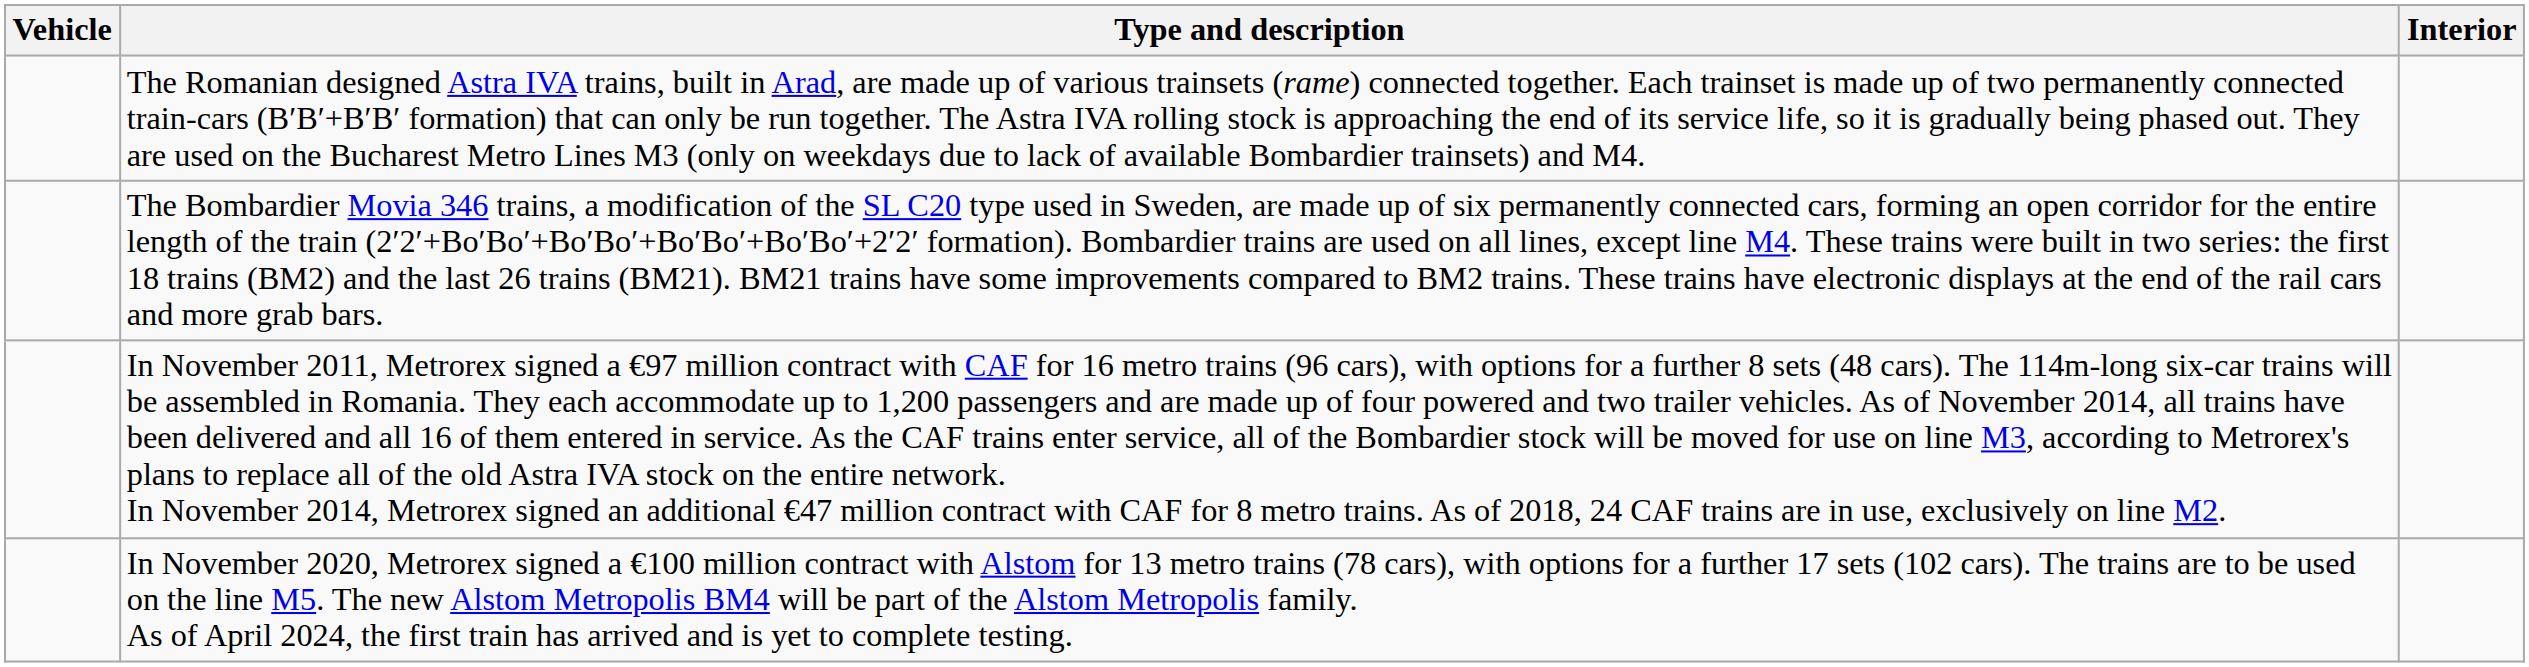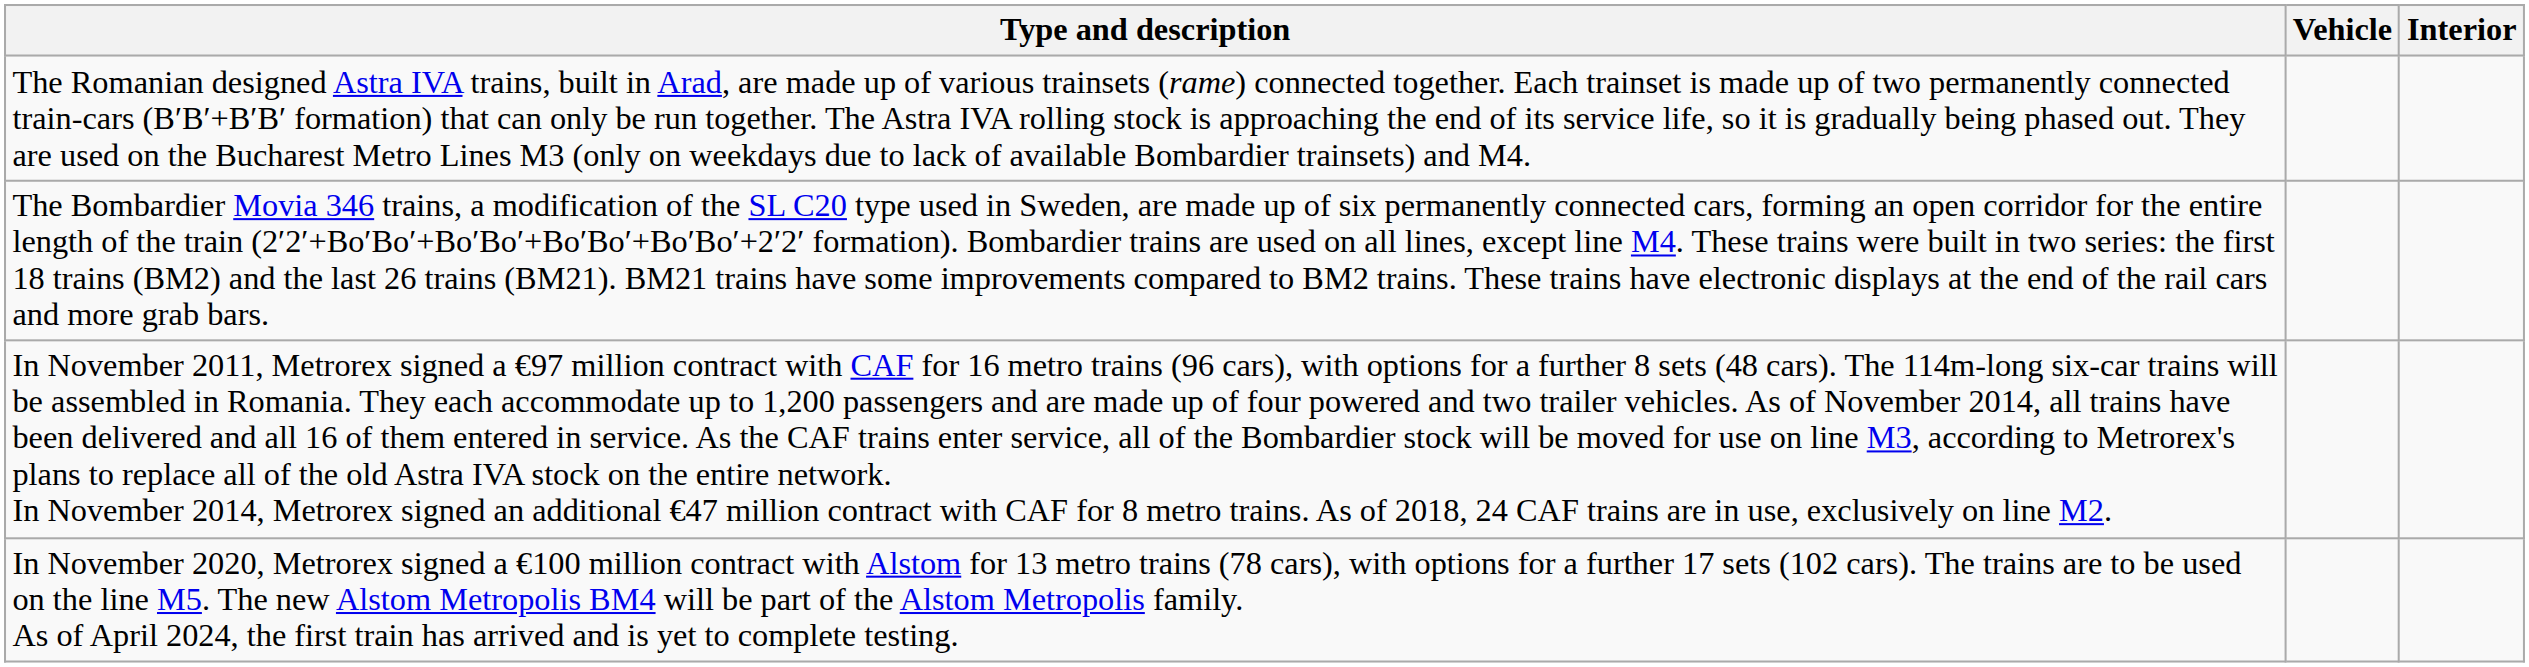 <table class="wikitable">
 <tr>
+<th>Type and description</th>
 <th>Vehicle</th>
-<th>Type and description</th>
 <th>Interior</th>
 </tr>
 <tr>
+<td style="vertical-align: top;">The Romanian designed <a href='#'>Astra IVA</a> trains, built in <a href='#'>Arad</a>, are made up of various trainsets (<em>rame</em>) connected together. Each trainset is made up of two permanently connected train-cars (B′B′+B′B′ formation) that can only be run together. The Astra IVA rolling stock is approaching the end of its service life, so it is gradually being phased out. They are used on the Bucharest Metro Lines M3 (only on weekdays due to lack of available Bombardier trainsets) and M4.</td>
 <td></td>
-<td style="vertical-align: top;">The Romanian designed <a href='#'>Astra IVA</a> trains, built in <a href='#'>Arad</a>, are made up of various trainsets (<em>rame</em>) connected together. Each trainset is made up of two permanently connected train-cars (B′B′+B′B′ formation) that can only be run together. The Astra IVA rolling stock is approaching the end of its service life, so it is gradually being phased out. They are used on the Bucharest Metro Lines M3 (only on weekdays due to lack of available Bombardier trainsets) and M4.</td>
 <td></td>
 </tr>
 <tr>
+<td style="vertical-align: top;">The Bombardier <a href='#'>Movia 346</a> trains, a modification of the <a href='#'>SL C20</a> type used in Sweden, are made up of six permanently connected cars, forming an open corridor for the entire length of the train (2′2′+Bo′Bo′+Bo′Bo′+Bo′Bo′+Bo′Bo′+2′2′ formation). Bombardier trains are used on all lines, except line <a href='#'>M4</a>. These trains were built in two series: the first 18 trains (BM2) and the last 26 trains (BM21). BM21 trains have some improvements compared to BM2 trains. These trains have electronic displays at the end of the rail cars and more grab bars.</td>
 <td></td>
-<td style="vertical-align: top;">The Bombardier <a href='#'>Movia 346</a> trains, a modification of the <a href='#'>SL C20</a> type used in Sweden, are made up of six permanently connected cars, forming an open corridor for the entire length of the train (2′2′+Bo′Bo′+Bo′Bo′+Bo′Bo′+Bo′Bo′+2′2′ formation). Bombardier trains are used on all lines, except line <a href='#'>M4</a>. These trains were built in two series: the first 18 trains (BM2) and the last 26 trains (BM21). BM21 trains have some improvements compared to BM2 trains. These trains have electronic displays at the end of the rail cars and more grab bars.</td>
 <td></td>
 </tr>
 <tr>
+<td style="vertical-align: top;">In November 2011, Metrorex signed a €97 million contract with <a href='#'>CAF</a> for 16 metro trains (96 cars), with options for a further 8 sets (48 cars). The 114m-long six-car trains will be assembled in Romania. They each accommodate up to 1,200 passengers and are made up of four powered and two trailer vehicles. As of November 2014, all trains have been delivered and all 16 of them entered in service. As the CAF trains enter service, all of the Bombardier stock will be moved for use on line <a href='#'>M3</a>, according to Metrorex's plans to replace all of the old Astra IVA stock on the entire network.<br>In November 2014, Metrorex signed an additional €47 million contract with CAF for 8 metro trains. As of 2018, 24 CAF trains are in use, exclusively on line <a href='#'>M2</a>.</td>
 <td></td>
-<td style="vertical-align: top;">In November 2011, Metrorex signed a €97 million contract with <a href='#'>CAF</a> for 16 metro trains (96 cars), with options for a further 8 sets (48 cars). The 114m-long six-car trains will be assembled in Romania. They each accommodate up to 1,200 passengers and are made up of four powered and two trailer vehicles. As of November 2014, all trains have been delivered and all 16 of them entered in service. As the CAF trains enter service, all of the Bombardier stock will be moved for use on line <a href='#'>M3</a>, according to Metrorex's plans to replace all of the old Astra IVA stock on the entire network.<br>In November 2014, Metrorex signed an additional €47 million contract with CAF for 8 metro trains. As of 2018, 24 CAF trains are in use, exclusively on line <a href='#'>M2</a>.</td>
 <td></td>
 </tr>
 <tr>
+<td>In November 2020, Metrorex signed a €100 million contract with <a href='#'>Alstom</a> for 13 metro trains (78 cars), with options for a further 17 sets (102 cars). The trains are to be used on the line <a href='#'>M5</a>. The new <a href='#'>Alstom Metropolis BM4</a> will be part of the <a href='#'>Alstom Metropolis</a> family.<br>As of April 2024, the first train has arrived and is yet to complete testing.</td>
 <td></td>
-<td>In November 2020, Metrorex signed a €100 million contract with <a href='#'>Alstom</a> for 13 metro trains (78 cars), with options for a further 17 sets (102 cars). The trains are to be used on the line <a href='#'>M5</a>. The new <a href='#'>Alstom Metropolis BM4</a> will be part of the <a href='#'>Alstom Metropolis</a> family.<br>As of April 2024, the first train has arrived and is yet to complete testing.</td>
 <td></td>
 </tr>
 </table>
